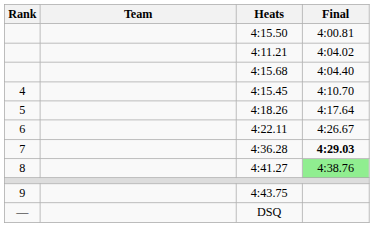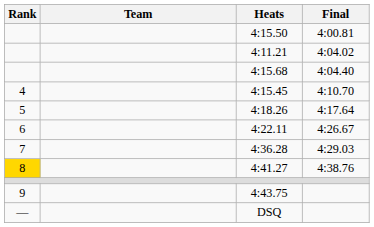 <table class=wikitable style="text-align:center">
 <tr>
 <th width=40>Rank</th>
 <th width=250>Team</th>
 <th width=80>Heats</th>
 <th width=80>Final</th>
 </tr>
 <tr>
 <td></td>
 <td align=left></td>
 <td>4:15.50</td>
 <td>4:00.81</td>
 </tr>
 <tr>
 <td></td>
 <td align=left></td>
 <td>4:11.21</td>
 <td>4:04.02</td>
 </tr>
 <tr>
 <td></td>
 <td align=left></td>
 <td>4:15.68</td>
 <td>4:04.40</td>
 </tr>
 <tr>
 <td>4</td>
 <td align=left></td>
 <td>4:15.45</td>
 <td>4:10.70</td>
 </tr>
 <tr>
 <td>5</td>
 <td align=left></td>
 <td>4:18.26</td>
 <td>4:17.64</td>
 </tr>
 <tr>
 <td>6</td>
 <td align=left></td>
 <td>4:22.11</td>
 <td>4:26.67</td>
 </tr>
 <tr>
 <td>7</td>
 <td align=left></td>
 <td>4:36.28</td>
-<td><strong>4:29.03</strong></td>
+<td>4:29.03</td>
 </tr>
 <tr>
-<td>8</td>
+<td style="background: gold;">8</td>
 <td align=left></td>
 <td>4:41.27</td>
-<td style="background: lightgreen;">4:38.76</td>
+<td>4:38.76</td>
 </tr>
 <tr bgcolor=#DDDDDD>
 <td colspan=4></td>
 </tr>
 <tr>
 <td>9</td>
 <td align=left></td>
 <td>4:43.75</td>
 <td></td>
 </tr>
 <tr>
 <td>—</td>
 <td align=left></td>
 <td>DSQ</td>
 <td></td>
 </tr>
 </table>
